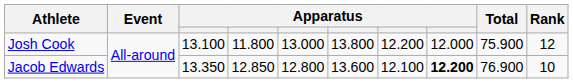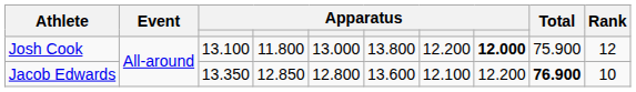 <table class=wikitable style=font-size:90%;text-align:center>
 <tr>
 <th rowspan=2>Athlete</th>
 <th rowspan=2>Event</th>
 <th colspan=6>Apparatus</th>
 <th rowspan=2>Total</th>
 <th rowspan=2>Rank</th>
 </tr>
 <tr style=font-size:95%>
 <th></th>
 <th></th>
 <th></th>
 <th></th>
 <th></th>
 <th></th>
 </tr>
 <tr>
 <td align=left><a href='#'>Josh Cook</a></td>
 <td align=left rowspan=2><a href='#'>All-around</a></td>
 <td>13.100</td>
 <td>11.800</td>
 <td>13.000</td>
 <td>13.800</td>
 <td>12.200</td>
-<td>12.000</td>
+<td><strong>12.000</strong></td>
 <td>75.900</td>
 <td>12</td>
 </tr>
 <tr>
 <td align=left><a href='#'>Jacob Edwards</a></td>
 <td>13.350</td>
 <td>12.850</td>
 <td>12.800</td>
 <td>13.600</td>
 <td>12.100</td>
-<td><strong>12.200</strong></td>
-<td>76.900</td>
+<td>12.200</td>
+<td><strong>76.900</strong></td>
 <td>10</td>
 </tr>
 </table>
